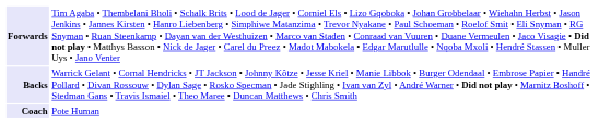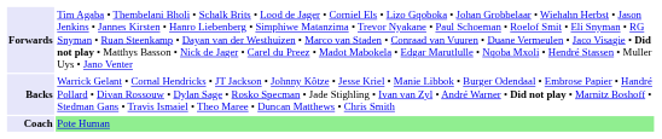 <table cellpadding="2" style="border: 1px solid white; font-size:90%;">
 <tr>
 <td style="text-align:right;" bgcolor="lavender"><strong>Forwards</strong></td>
 <td style="text-align:left;"><a href='#'>Tim Agaba</a> • <a href='#'>Thembelani Bholi</a> • <a href='#'>Schalk Brits</a> • <a href='#'>Lood de Jager</a> • <a href='#'>Corniel Els</a> • <a href='#'>Lizo Gqoboka</a> • <a href='#'>Johan Grobbelaar</a> • <a href='#'>Wiehahn Herbst</a> • <a href='#'>Jason Jenkins</a> • <a href='#'>Jannes Kirsten</a> • <a href='#'>Hanro Liebenberg</a> • <a href='#'>Simphiwe Matanzima</a> • <a href='#'>Trevor Nyakane</a> • <a href='#'>Paul Schoeman</a> • <a href='#'>Roelof Smit</a> • <a href='#'>Eli Snyman</a> • <a href='#'>RG Snyman</a> • <a href='#'>Ruan Steenkamp</a> • <a href='#'>Dayan van der Westhuizen</a> • <a href='#'>Marco van Staden</a> • <a href='#'>Conraad van Vuuren</a> • <a href='#'>Duane Vermeulen</a> • <a href='#'>Jaco Visagie</a> • <strong>Did not play</strong> • Matthys Basson • <a href='#'>Nick de Jager</a> • <a href='#'>Carel du Preez</a> • <a href='#'>Madot Mabokela</a> • <a href='#'>Edgar Marutlulle</a> • <a href='#'>Nqoba Mxoli</a> • <a href='#'>Hendré Stassen</a> • Muller Uys • <a href='#'>Jano Venter</a></td>
 </tr>
 <tr>
 <td style="text-align:right;" bgcolor="lavender"><strong>Backs</strong></td>
 <td style="text-align:left;"><a href='#'>Warrick Gelant</a> • <a href='#'>Cornal Hendricks</a> • <a href='#'>JT Jackson</a> • <a href='#'>Johnny Kôtze</a> • <a href='#'>Jesse Kriel</a> • <a href='#'>Manie Libbok</a> • <a href='#'>Burger Odendaal</a> • <a href='#'>Embrose Papier</a> • <a href='#'>Handré Pollard</a> • <a href='#'>Divan Rossouw</a> • <a href='#'>Dylan Sage</a> • <a href='#'>Rosko Specman</a> • Jade Stighling • <a href='#'>Ivan van Zyl</a> • <a href='#'>André Warner</a> • <strong>Did not play</strong> • <a href='#'>Marnitz Boshoff</a> • <a href='#'>Stedman Gans</a> • <a href='#'>Travis Ismaiel</a> • <a href='#'>Theo Maree</a> • <a href='#'>Duncan Matthews</a> • <a href='#'>Chris Smith</a></td>
 </tr>
 <tr>
 <td style="text-align:right;" bgcolor="lavender"><strong>Coach</strong></td>
-<td style="text-align:left;"><a href='#'>Pote Human</a></td>
+<td style="background: lightgreen; text-align:left;"><a href='#'>Pote Human</a></td>
 </tr>
 </table>
